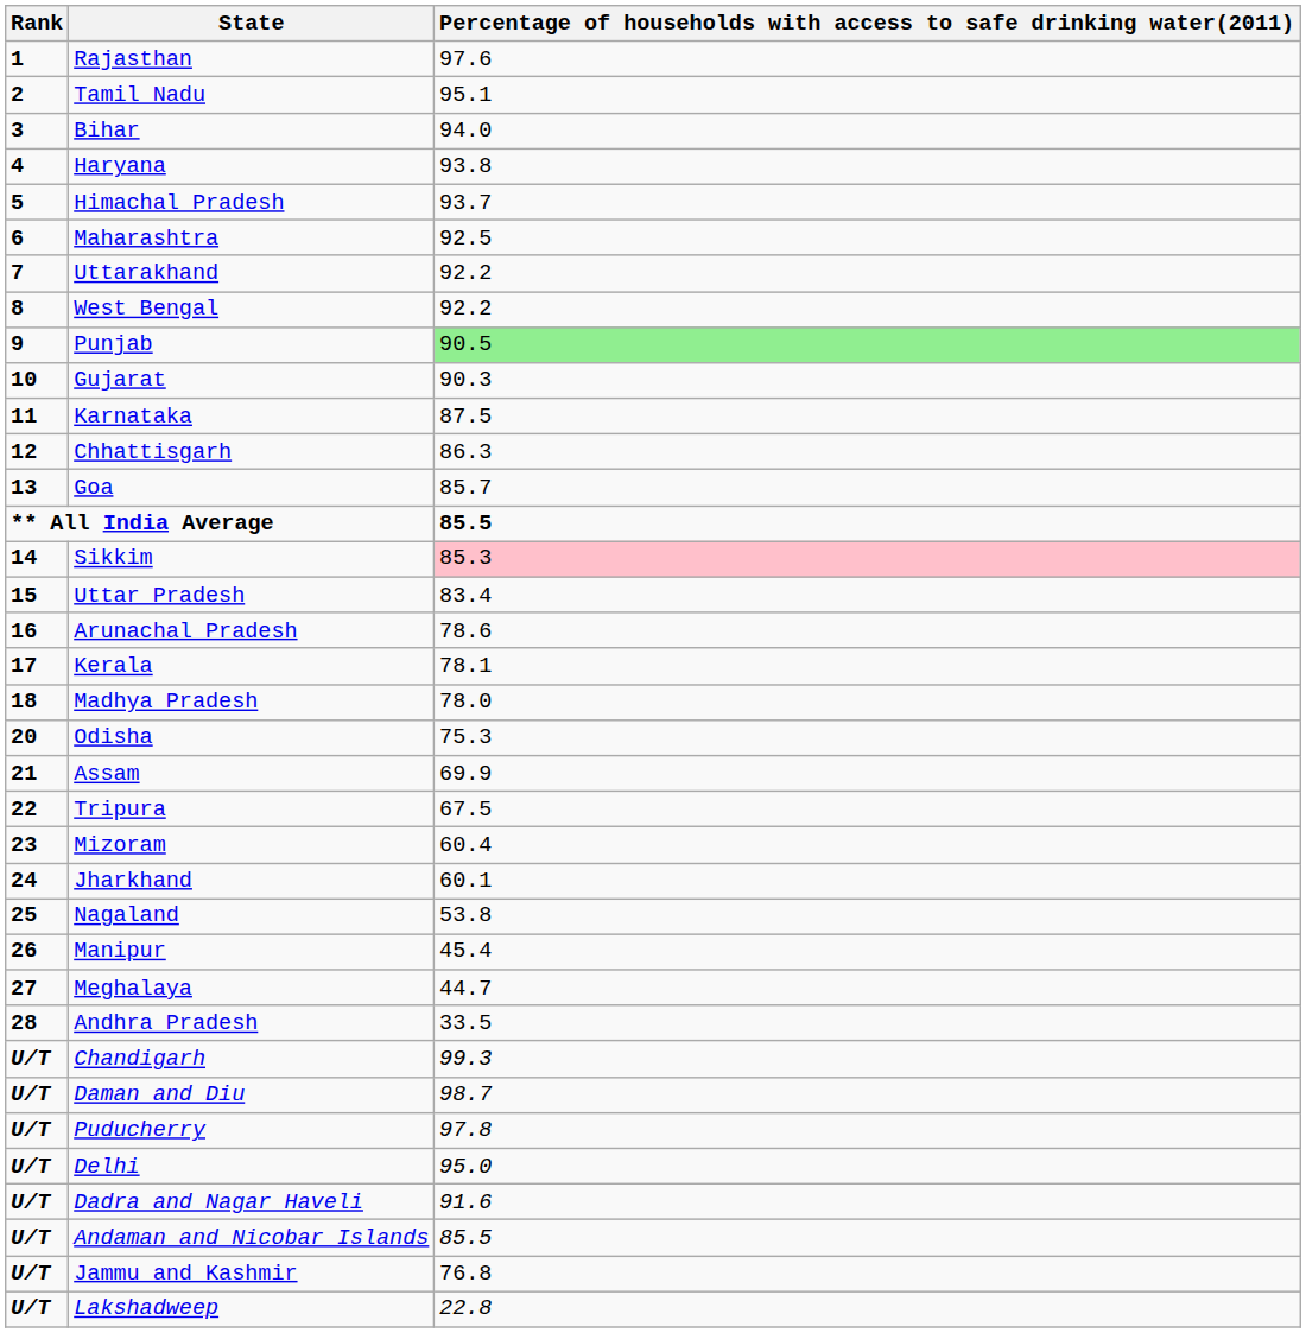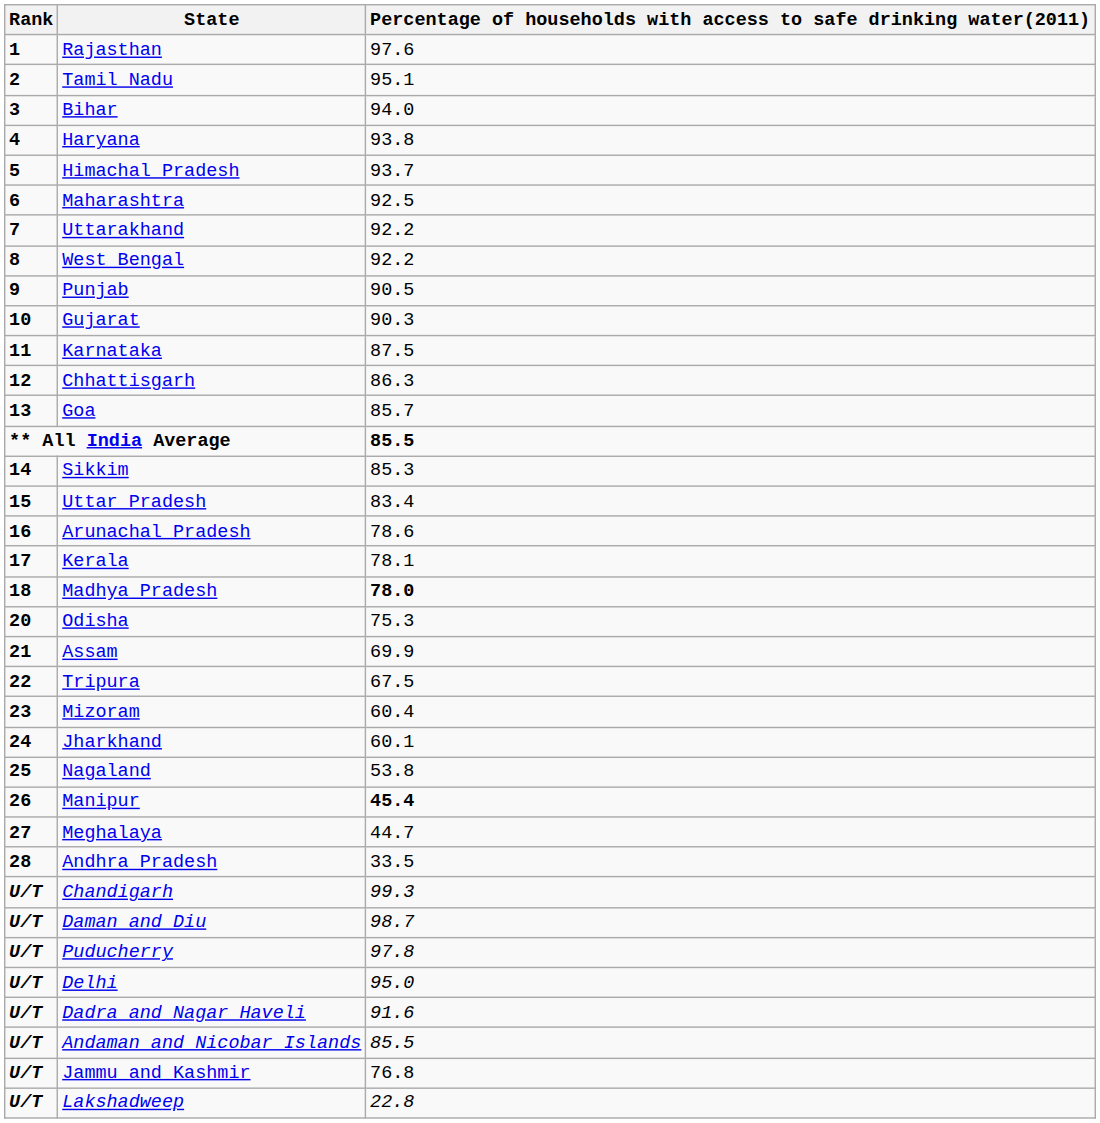 <table class="wikitable sortable">
 <tr>
 <th>Rank</th>
 <th>State</th>
 <th>Percentage of households with access to safe drinking water(2011)</th>
 </tr>
 <tr>
 <td><strong>1</strong></td>
 <td><a href='#'>Rajasthan</a></td>
 <td>97.6</td>
 </tr>
 <tr>
 <td><strong>2</strong></td>
 <td><a href='#'>Tamil Nadu</a></td>
 <td>95.1</td>
 </tr>
 <tr>
 <td><strong>3</strong></td>
 <td><a href='#'>Bihar</a></td>
 <td>94.0</td>
 </tr>
 <tr>
 <td><strong>4</strong></td>
 <td><a href='#'>Haryana</a></td>
 <td>93.8</td>
 </tr>
 <tr>
 <td><strong>5</strong></td>
 <td><a href='#'>Himachal Pradesh</a></td>
 <td>93.7</td>
 </tr>
 <tr>
 <td><strong>6</strong></td>
 <td><a href='#'>Maharashtra</a></td>
 <td>92.5</td>
 </tr>
 <tr>
 <td><strong>7</strong></td>
 <td><a href='#'>Uttarakhand</a></td>
 <td>92.2</td>
 </tr>
 <tr>
 <td><strong>8</strong></td>
 <td><a href='#'>West Bengal</a></td>
 <td>92.2</td>
 </tr>
 <tr>
 <td><strong>9</strong></td>
 <td><a href='#'>Punjab</a></td>
-<td style="background: lightgreen;">90.5</td>
+<td>90.5</td>
 </tr>
 <tr>
 <td><strong>10</strong></td>
 <td><a href='#'>Gujarat</a></td>
 <td>90.3</td>
 </tr>
 <tr>
 <td><strong>11</strong></td>
 <td><a href='#'>Karnataka</a></td>
 <td>87.5</td>
 </tr>
 <tr>
 <td><strong>12</strong></td>
 <td><a href='#'>Chhattisgarh</a></td>
 <td>86.3</td>
 </tr>
 <tr>
 <td><strong>13</strong></td>
 <td><a href='#'>Goa</a></td>
 <td>85.7</td>
 </tr>
 <tr>
 <td colspan="2"><strong>** All <a href='#'>India</a> Average</strong></td>
 <td><strong>85.5</strong></td>
 </tr>
 <tr>
 <td><strong>14</strong></td>
 <td><a href='#'>Sikkim</a></td>
-<td style="background: pink;">85.3</td>
+<td>85.3</td>
 </tr>
 <tr>
 <td><strong>15</strong></td>
 <td><a href='#'>Uttar Pradesh</a></td>
 <td>83.4</td>
 </tr>
 <tr>
 <td><strong>16</strong></td>
 <td><a href='#'>Arunachal Pradesh</a></td>
 <td>78.6</td>
 </tr>
 <tr>
 <td><strong>17</strong></td>
 <td><a href='#'>Kerala</a></td>
 <td>78.1</td>
 </tr>
 <tr>
 <td><strong>18</strong></td>
 <td><a href='#'>Madhya Pradesh</a></td>
-<td>78.0</td>
+<td><strong>78.0</strong></td>
 </tr>
 <tr>
 <td><strong>20</strong></td>
 <td><a href='#'>Odisha</a></td>
 <td>75.3</td>
 </tr>
 <tr>
 <td><strong>21</strong></td>
 <td><a href='#'>Assam</a></td>
 <td>69.9</td>
 </tr>
 <tr>
 <td><strong>22</strong></td>
 <td><a href='#'>Tripura</a></td>
 <td>67.5</td>
 </tr>
 <tr>
 <td><strong>23</strong></td>
 <td><a href='#'>Mizoram</a></td>
 <td>60.4</td>
 </tr>
 <tr>
 <td><strong>24</strong></td>
 <td><a href='#'>Jharkhand</a></td>
 <td>60.1</td>
 </tr>
 <tr>
 <td><strong>25</strong></td>
 <td><a href='#'>Nagaland</a></td>
 <td>53.8</td>
 </tr>
 <tr>
 <td><strong>26</strong></td>
 <td><a href='#'>Manipur</a></td>
-<td>45.4</td>
+<td><strong>45.4</strong></td>
 </tr>
 <tr>
 <td><strong>27</strong></td>
 <td><a href='#'>Meghalaya</a></td>
 <td>44.7</td>
 </tr>
 <tr>
 <td><strong>28</strong></td>
 <td><a href='#'>Andhra Pradesh</a></td>
 <td>33.5</td>
 </tr>
 <tr>
 <td><strong><em>U/T</em></strong></td>
 <td><em><a href='#'>Chandigarh</a></em></td>
 <td><em>99.3</em></td>
 </tr>
 <tr>
 <td><strong><em>U/T</em></strong></td>
 <td><em><a href='#'>Daman and Diu</a></em></td>
 <td><em>98.7</em></td>
 </tr>
 <tr>
 <td><strong><em>U/T</em></strong></td>
 <td><em><a href='#'>Puducherry</a></em></td>
 <td><em>97.8</em></td>
 </tr>
 <tr>
 <td><strong><em>U/T</em></strong></td>
 <td><em><a href='#'>Delhi</a></em></td>
 <td><em>95.0</em></td>
 </tr>
 <tr>
 <td><strong><em>U/T</em></strong></td>
 <td><em><a href='#'>Dadra and Nagar Haveli</a></em></td>
 <td><em>91.6</em></td>
 </tr>
 <tr>
 <td><strong><em>U/T</em></strong></td>
 <td><em><a href='#'>Andaman and Nicobar Islands</a></em></td>
 <td><em>85.5</em></td>
 </tr>
 <tr>
 <td><strong><em>U/T</em></strong></td>
 <td><a href='#'>Jammu and Kashmir</a></td>
 <td>76.8</td>
 </tr>
 <tr>
 <td><strong><em>U/T</em></strong></td>
 <td><em><a href='#'>Lakshadweep</a></em></td>
 <td><em>22.8</em></td>
 </tr>
 </table>
